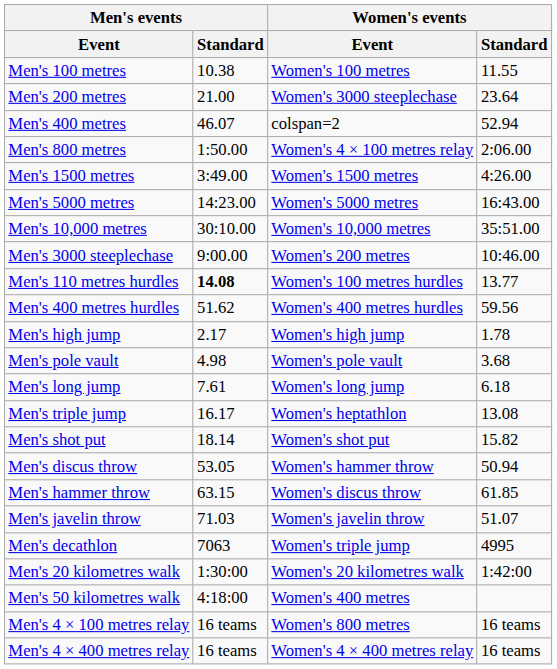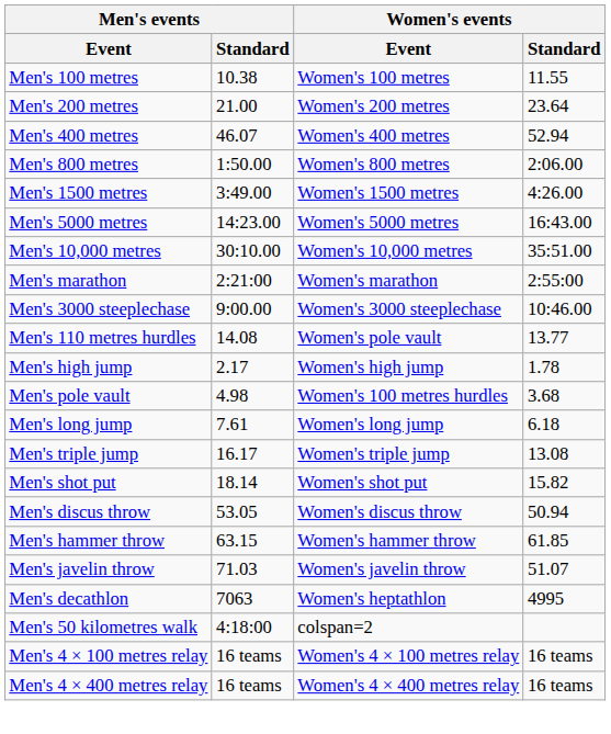 <table class="wikitable">
 <tr>
 <th colspan="2">Men's events</th>
 <th colspan="2">Women's events</th>
 </tr>
 <tr>
 <th>Event</th>
 <th>Standard</th>
 <th>Event</th>
 <th>Standard</th>
 </tr>
 <tr>
 <td><a href='#'>Men's 100 metres</a></td>
 <td>10.38</td>
 <td><a href='#'>Women's 100 metres</a></td>
 <td>11.55</td>
 </tr>
 <tr>
 <td><a href='#'>Men's 200 metres</a></td>
 <td>21.00</td>
-<td><a href='#'>Women's 3000 steeplechase</a></td>
+<td><a href='#'>Women's 200 metres</a></td>
 <td>23.64</td>
 </tr>
 <tr>
 <td><a href='#'>Men's 400 metres</a></td>
 <td>46.07</td>
-<td>colspan=2 </td>
+<td><a href='#'>Women's 400 metres</a></td>
 <td>52.94</td>
 </tr>
 <tr>
 <td><a href='#'>Men's 800 metres</a></td>
 <td>1:50.00</td>
-<td><a href='#'>Women's 4 × 100 metres relay</a></td>
+<td><a href='#'>Women's 800 metres</a></td>
 <td>2:06.00</td>
 </tr>
 <tr>
 <td><a href='#'>Men's 1500 metres</a></td>
 <td>3:49.00</td>
 <td><a href='#'>Women's 1500 metres</a></td>
 <td>4:26.00</td>
 </tr>
 <tr>
 <td><a href='#'>Men's 5000 metres</a></td>
 <td>14:23.00</td>
 <td><a href='#'>Women's 5000 metres</a></td>
 <td>16:43.00</td>
 </tr>
 <tr>
 <td><a href='#'>Men's 10,000 metres</a></td>
 <td>30:10.00</td>
 <td><a href='#'>Women's 10,000 metres</a></td>
 <td>35:51.00</td>
 </tr>
 <tr>
+<td><a href='#'>Men's marathon</a></td>
+<td>2:21:00</td>
+<td><a href='#'>Women's marathon</a></td>
+<td>2:55:00</td>
+</tr>
+<tr>
 <td><a href='#'>Men's 3000 steeplechase</a></td>
 <td>9:00.00</td>
-<td><a href='#'>Women's 200 metres</a></td>
+<td><a href='#'>Women's 3000 steeplechase</a></td>
 <td>10:46.00</td>
 </tr>
 <tr>
 <td><a href='#'>Men's 110 metres hurdles</a></td>
-<td><strong>14.08</strong></td>
-<td><a href='#'>Women's 100 metres hurdles</a></td>
+<td>14.08</td>
+<td><a href='#'>Women's pole vault</a></td>
 <td>13.77</td>
-</tr>
-<tr>
-<td><a href='#'>Men's 400 metres hurdles</a></td>
-<td>51.62</td>
-<td><a href='#'>Women's 400 metres hurdles</a></td>
-<td>59.56</td>
 </tr>
 <tr>
 <td><a href='#'>Men's high jump</a></td>
 <td>2.17</td>
 <td><a href='#'>Women's high jump</a></td>
 <td>1.78</td>
 </tr>
 <tr>
 <td><a href='#'>Men's pole vault</a></td>
 <td>4.98</td>
-<td><a href='#'>Women's pole vault</a></td>
+<td><a href='#'>Women's 100 metres hurdles</a></td>
 <td>3.68</td>
 </tr>
 <tr>
 <td><a href='#'>Men's long jump</a></td>
 <td>7.61</td>
 <td><a href='#'>Women's long jump</a></td>
 <td>6.18</td>
 </tr>
 <tr>
 <td><a href='#'>Men's triple jump</a></td>
 <td>16.17</td>
-<td><a href='#'>Women's heptathlon</a></td>
+<td><a href='#'>Women's triple jump</a></td>
 <td>13.08</td>
 </tr>
 <tr>
 <td><a href='#'>Men's shot put</a></td>
 <td>18.14</td>
 <td><a href='#'>Women's shot put</a></td>
 <td>15.82</td>
 </tr>
 <tr>
 <td><a href='#'>Men's discus throw</a></td>
 <td>53.05</td>
-<td><a href='#'>Women's hammer throw</a></td>
+<td><a href='#'>Women's discus throw</a></td>
 <td>50.94</td>
 </tr>
 <tr>
 <td><a href='#'>Men's hammer throw</a></td>
 <td>63.15</td>
-<td><a href='#'>Women's discus throw</a></td>
+<td><a href='#'>Women's hammer throw</a></td>
 <td>61.85</td>
 </tr>
 <tr>
 <td><a href='#'>Men's javelin throw</a></td>
 <td>71.03</td>
 <td><a href='#'>Women's javelin throw</a></td>
 <td>51.07</td>
 </tr>
 <tr>
 <td><a href='#'>Men's decathlon</a></td>
 <td>7063</td>
-<td><a href='#'>Women's triple jump</a></td>
+<td><a href='#'>Women's heptathlon</a></td>
 <td>4995</td>
-</tr>
-<tr>
-<td><a href='#'>Men's 20 kilometres walk</a></td>
-<td>1:30:00</td>
-<td><a href='#'>Women's 20 kilometres walk</a></td>
-<td>1:42:00</td>
 </tr>
 <tr>
 <td><a href='#'>Men's 50 kilometres walk</a></td>
 <td>4:18:00</td>
-<td><a href='#'>Women's 400 metres</a></td>
+<td>colspan=2 </td>
 </tr>
 <tr>
 <td><a href='#'>Men's 4 × 100 metres relay</a></td>
 <td>16 teams</td>
-<td><a href='#'>Women's 800 metres</a></td>
+<td><a href='#'>Women's 4 × 100 metres relay</a></td>
 <td>16 teams</td>
 </tr>
 <tr>
 <td><a href='#'>Men's 4 × 400 metres relay</a></td>
 <td>16 teams</td>
 <td><a href='#'>Women's 4 × 400 metres relay</a></td>
 <td>16 teams</td>
 </tr>
 </table>
